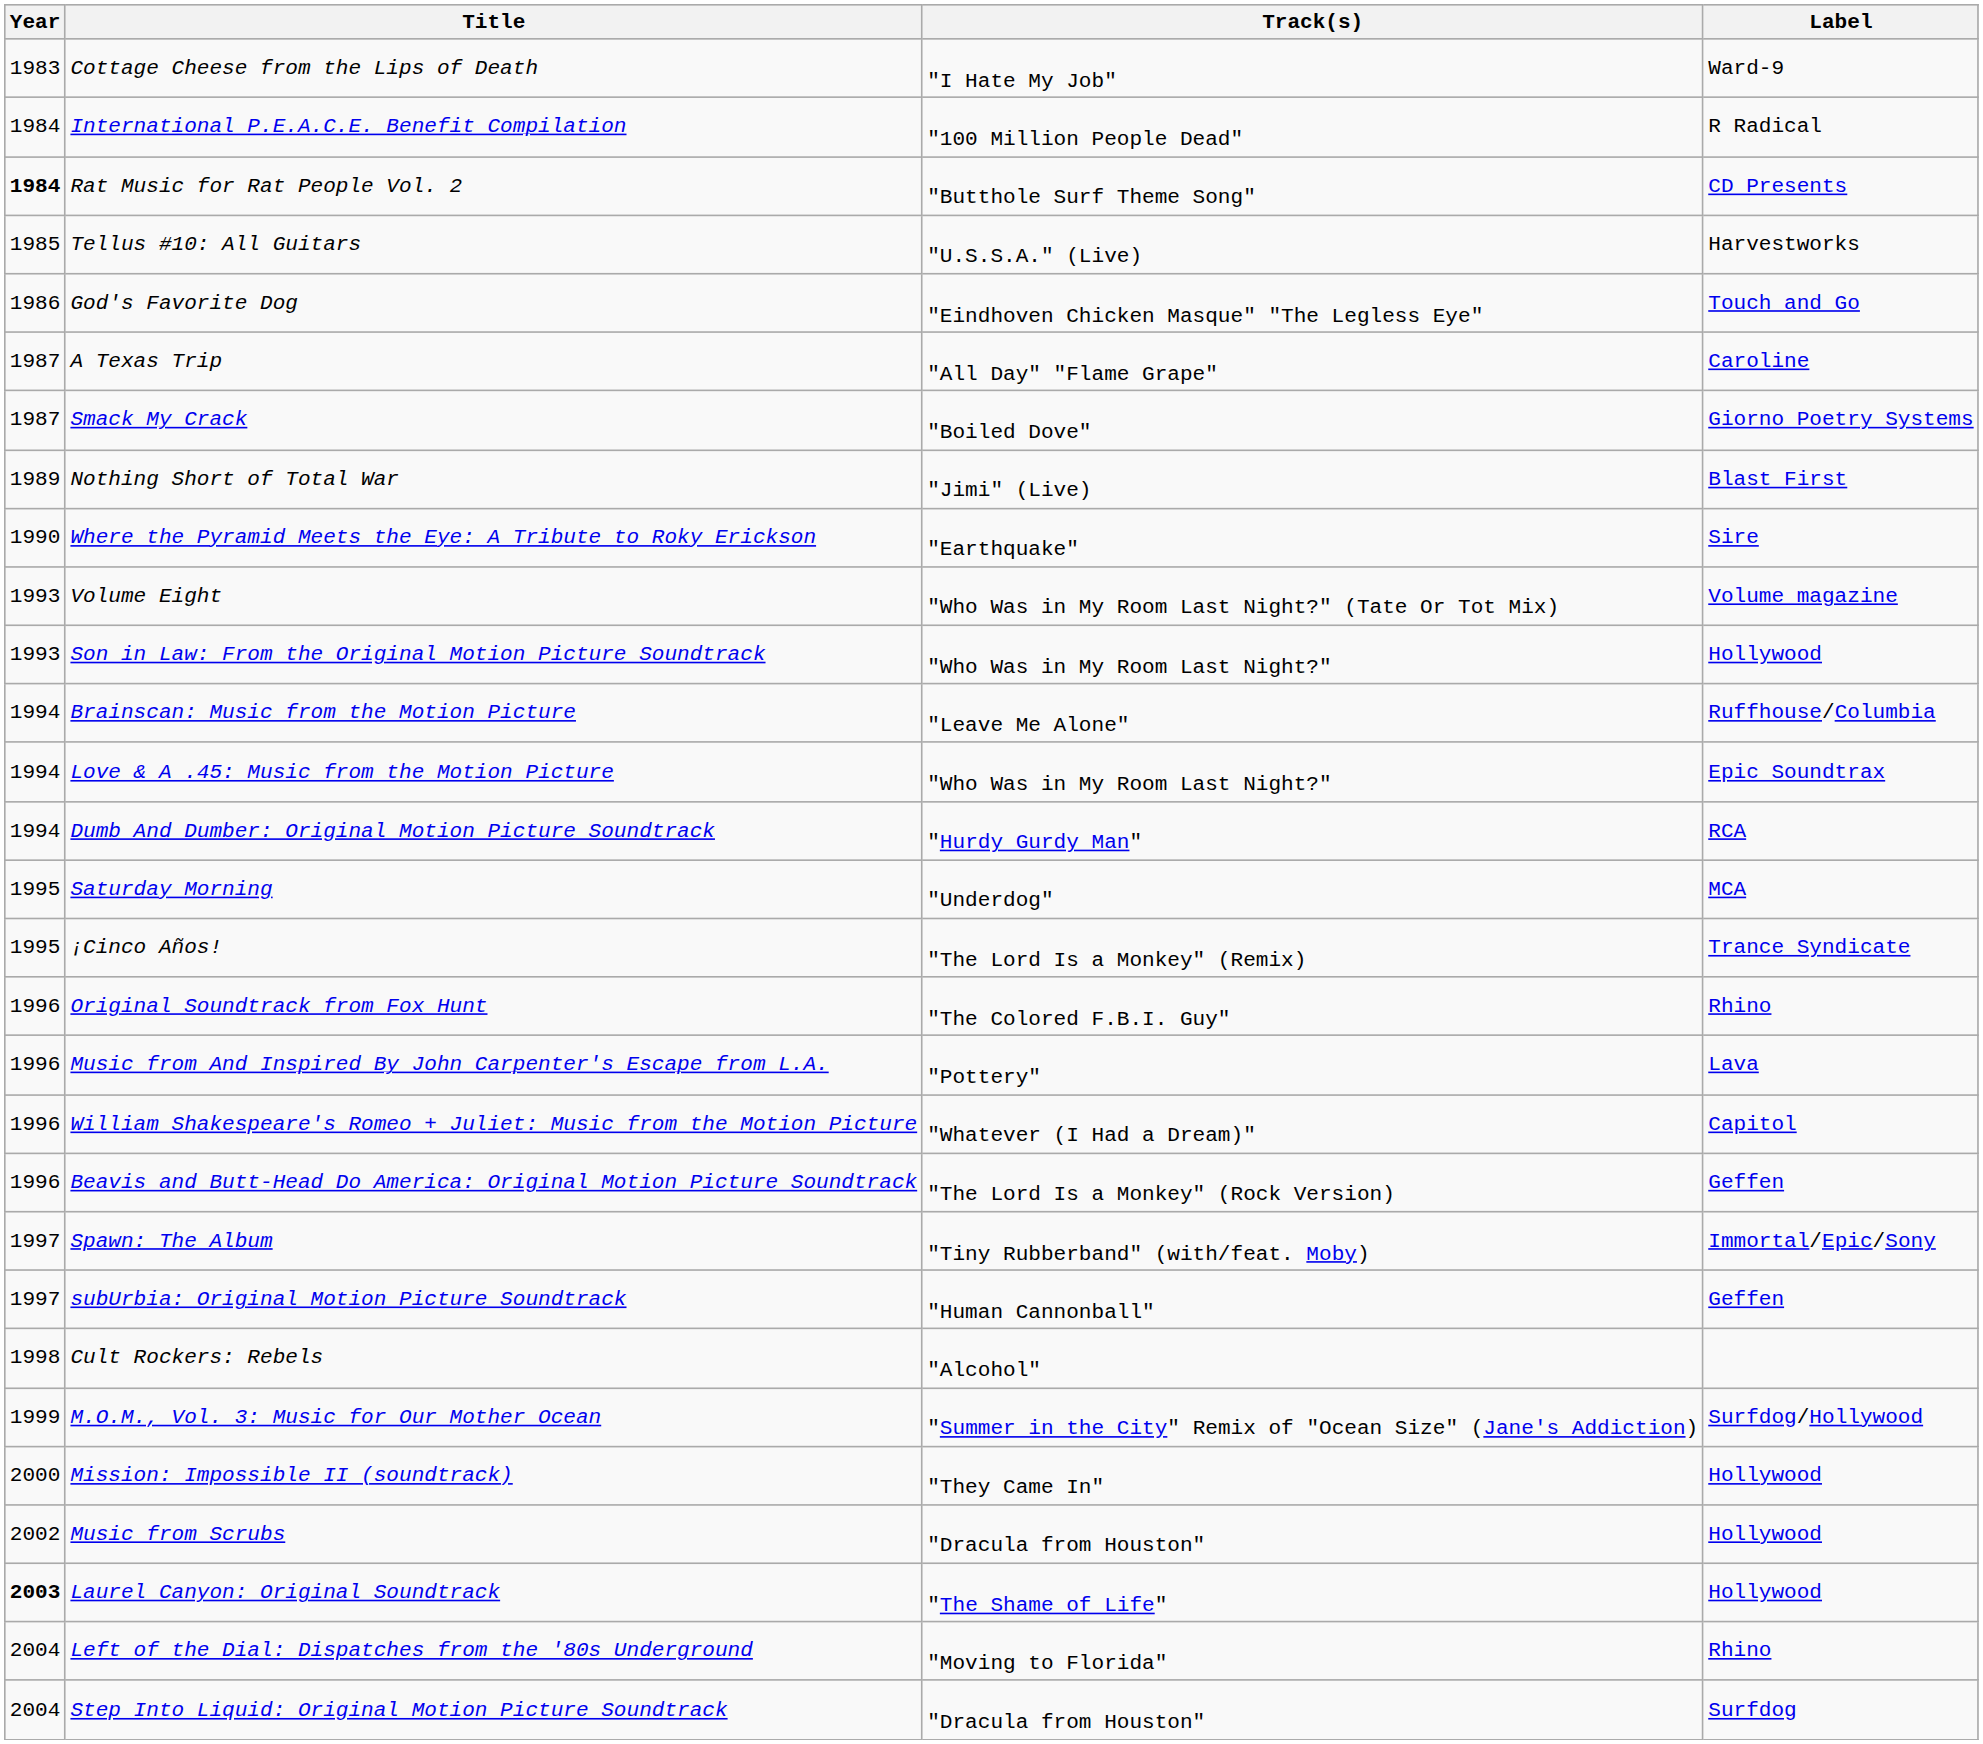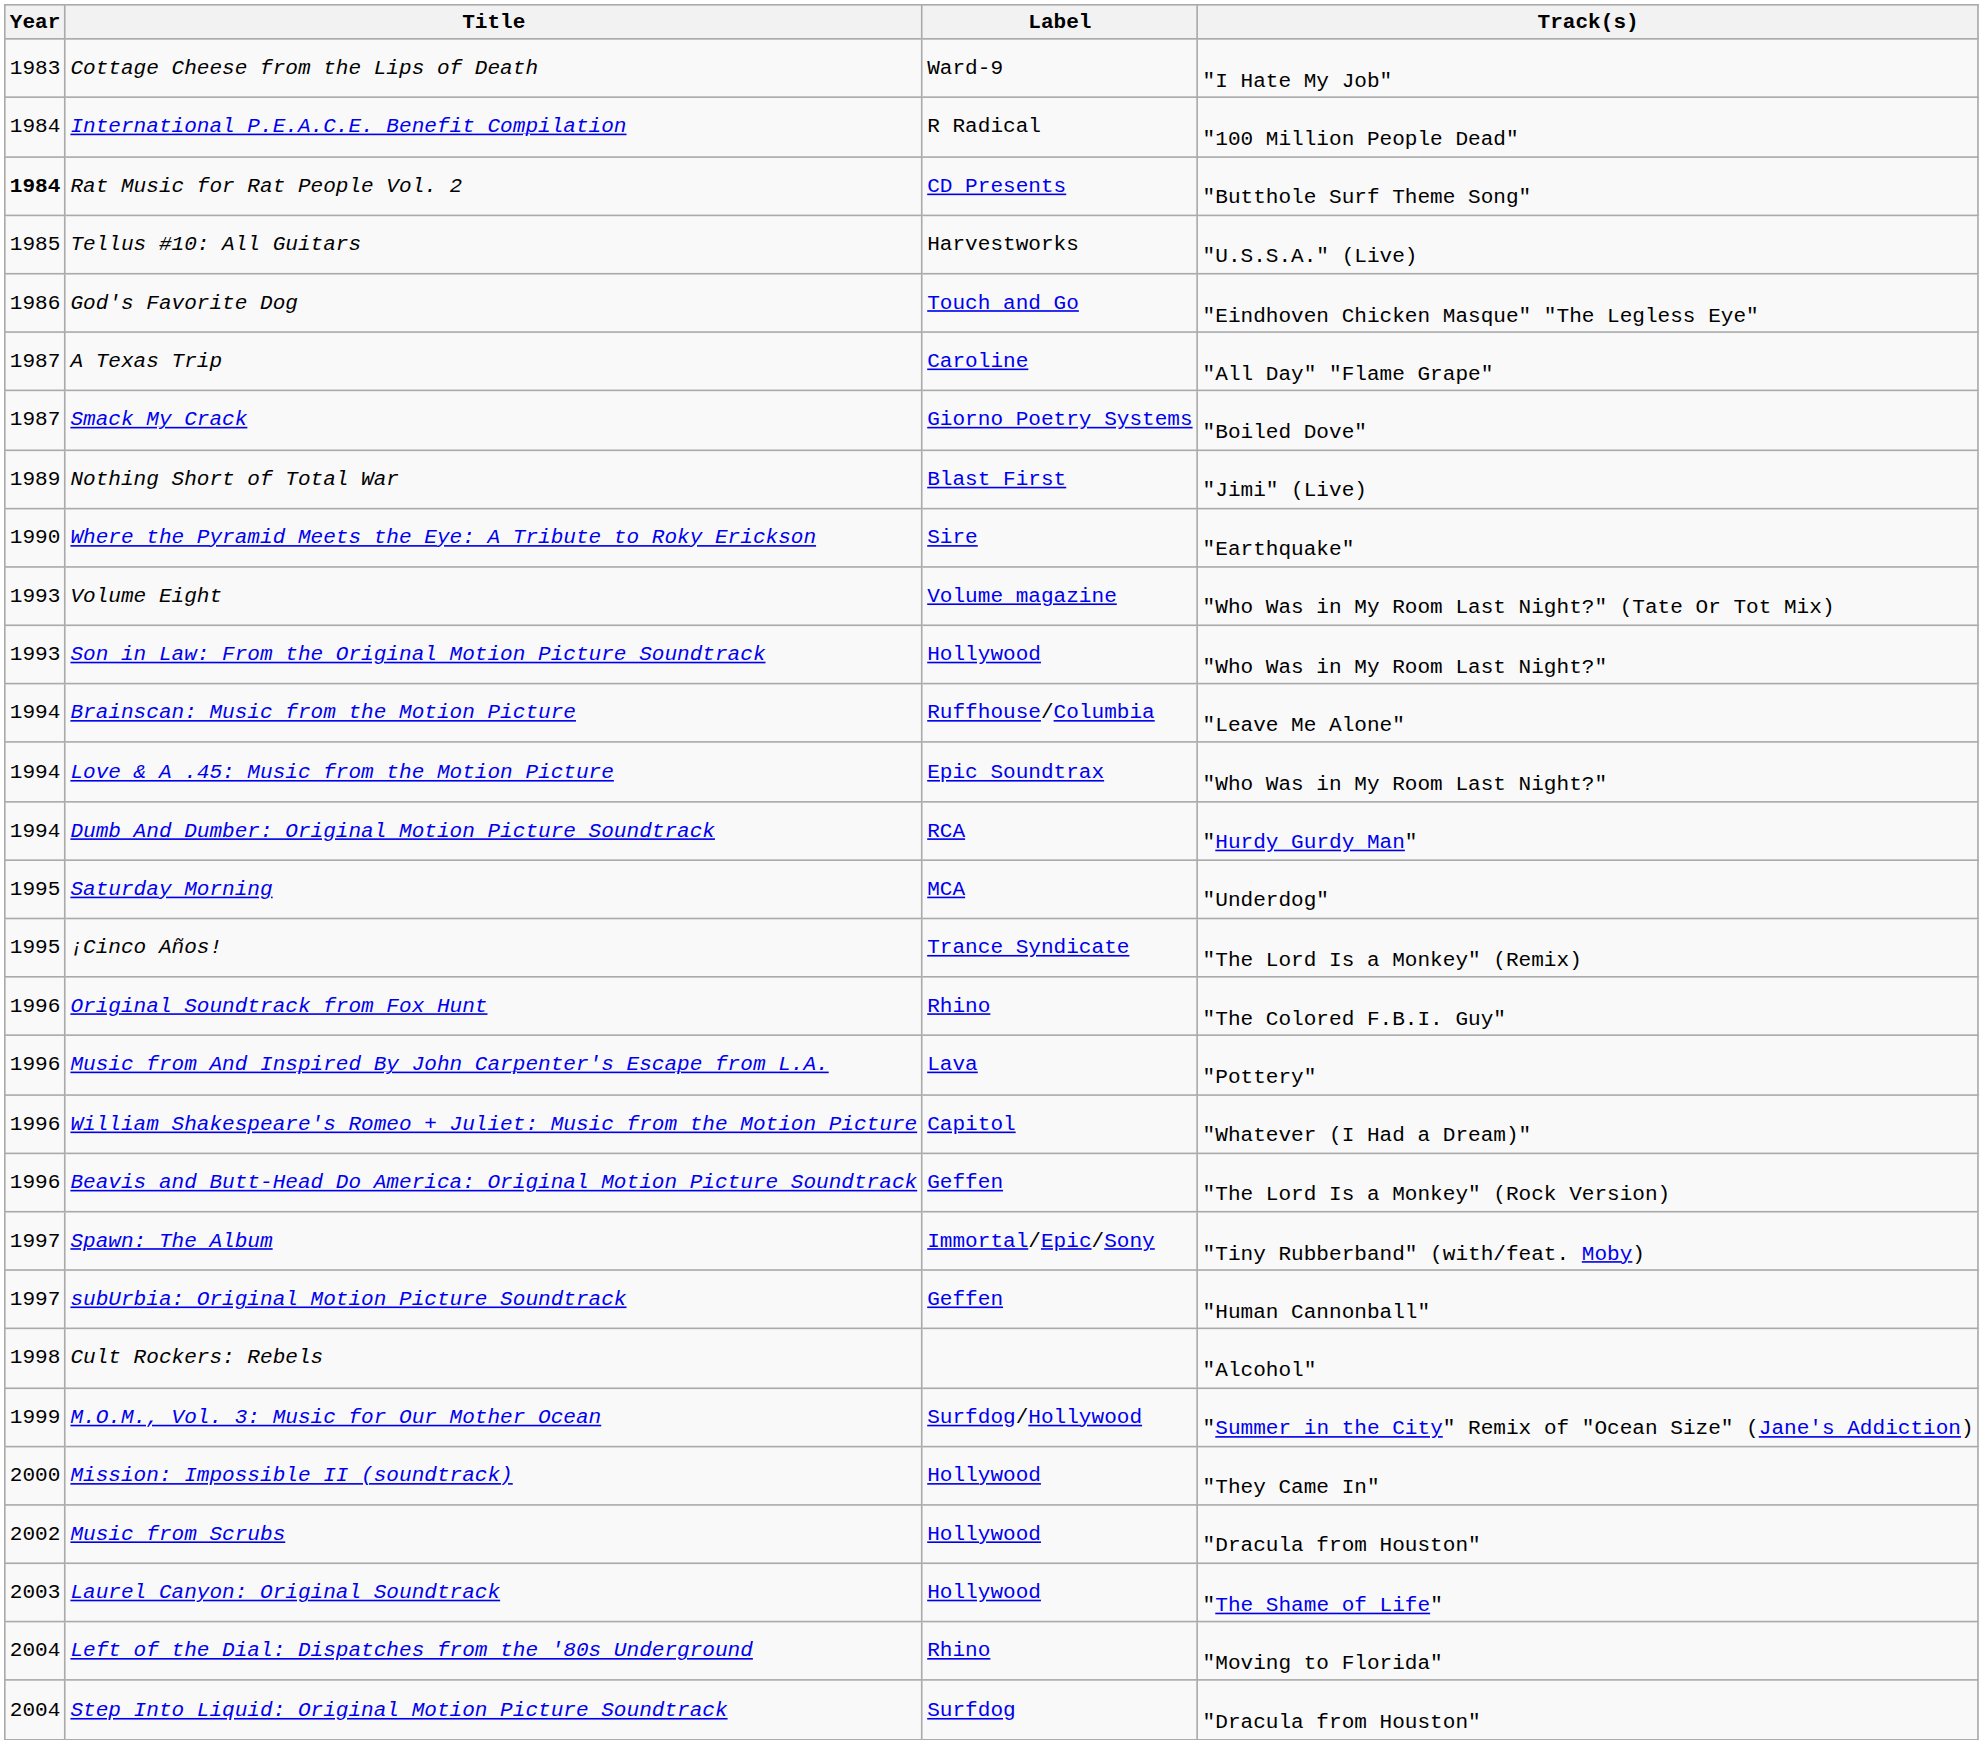 <table class="wikitable">
 <tr>
 <th align="left">Year</th>
 <th align="left">Title</th>
+<th align="left">Label</th>
 <th align="left">Track(s)</th>
-<th align="left">Label</th>
 </tr>
 <tr>
 <td>1983</td>
 <td><em>Cottage Cheese from the Lips of Death</em></td>
+<td>Ward-9</td>
 <td><br>"I Hate My Job"</td>
-<td>Ward-9</td>
 </tr>
 <tr>
 <td>1984</td>
 <td><em><a href='#'>International P.E.A.C.E. Benefit Compilation</a></em></td>
+<td>R Radical</td>
 <td><br>"100 Million People Dead"</td>
-<td>R Radical</td>
 </tr>
 <tr>
 <td><strong>1984</strong></td>
 <td><em>Rat Music for Rat People Vol. 2</em></td>
+<td><a href='#'>CD Presents</a></td>
 <td><br>"Butthole Surf Theme Song"</td>
-<td><a href='#'>CD Presents</a></td>
 </tr>
 <tr>
 <td>1985</td>
 <td><em>Tellus #10: All Guitars</em></td>
+<td>Harvestworks</td>
 <td><br>"U.S.S.A." (Live)</td>
-<td>Harvestworks</td>
 </tr>
 <tr>
 <td>1986</td>
 <td><em>God's Favorite Dog</em></td>
+<td><a href='#'>Touch and Go</a></td>
 <td><br>"Eindhoven Chicken Masque" "The Legless Eye"</td>
-<td><a href='#'>Touch and Go</a></td>
 </tr>
 <tr>
 <td>1987</td>
 <td><em>A Texas Trip</em></td>
+<td><a href='#'>Caroline</a></td>
 <td><br>"All Day" "Flame Grape"</td>
-<td><a href='#'>Caroline</a></td>
 </tr>
 <tr>
 <td>1987</td>
 <td><em><a href='#'>Smack My Crack</a></em></td>
+<td><a href='#'>Giorno Poetry Systems</a></td>
 <td><br>"Boiled Dove"</td>
-<td><a href='#'>Giorno Poetry Systems</a></td>
 </tr>
 <tr>
 <td>1989</td>
 <td><em>Nothing Short of Total War</em></td>
+<td><a href='#'>Blast First</a></td>
 <td><br>"Jimi" (Live)</td>
-<td><a href='#'>Blast First</a></td>
 </tr>
 <tr>
 <td>1990</td>
 <td><em><a href='#'>Where the Pyramid Meets the Eye: A Tribute to Roky Erickson</a></em></td>
+<td><a href='#'>Sire</a></td>
 <td><br>"Earthquake"</td>
-<td><a href='#'>Sire</a></td>
 </tr>
 <tr>
 <td>1993</td>
 <td><em>Volume Eight</em></td>
+<td><a href='#'>Volume magazine</a></td>
 <td><br>"Who Was in My Room Last Night?" (Tate Or Tot Mix)</td>
-<td><a href='#'>Volume magazine</a></td>
 </tr>
 <tr>
 <td>1993</td>
 <td><em><a href='#'>Son in Law: From the Original Motion Picture Soundtrack</a></em></td>
+<td><a href='#'>Hollywood</a></td>
 <td><br>"Who Was in My Room Last Night?"</td>
-<td><a href='#'>Hollywood</a></td>
 </tr>
 <tr>
 <td>1994</td>
 <td><em><a href='#'>Brainscan: Music from the Motion Picture</a></em></td>
+<td><a href='#'>Ruffhouse</a>/<a href='#'>Columbia</a></td>
 <td><br>"Leave Me Alone"</td>
-<td><a href='#'>Ruffhouse</a>/<a href='#'>Columbia</a></td>
 </tr>
 <tr>
 <td>1994</td>
 <td><em><a href='#'>Love & A .45: Music from the Motion Picture</a></em></td>
+<td><a href='#'>Epic Soundtrax</a></td>
 <td><br>"Who Was in My Room Last Night?"</td>
-<td><a href='#'>Epic Soundtrax</a></td>
 </tr>
 <tr>
 <td>1994</td>
 <td><em><a href='#'>Dumb And Dumber: Original Motion Picture Soundtrack</a></em></td>
+<td><a href='#'>RCA</a></td>
 <td><br>"<a href='#'>Hurdy Gurdy Man</a>"</td>
-<td><a href='#'>RCA</a></td>
 </tr>
 <tr>
 <td>1995</td>
 <td><em><a href='#'>Saturday Morning</a></em></td>
+<td><a href='#'>MCA</a></td>
 <td><br>"Underdog"</td>
-<td><a href='#'>MCA</a></td>
 </tr>
 <tr>
 <td>1995</td>
 <td><em>¡Cinco Años!</em></td>
+<td><a href='#'>Trance Syndicate</a></td>
 <td><br>"The Lord Is a Monkey" (Remix)</td>
-<td><a href='#'>Trance Syndicate</a></td>
 </tr>
 <tr>
 <td>1996</td>
 <td><em><a href='#'>Original Soundtrack from Fox Hunt</a></em></td>
+<td><a href='#'>Rhino</a></td>
 <td><br>"The Colored F.B.I. Guy"</td>
-<td><a href='#'>Rhino</a></td>
 </tr>
 <tr>
 <td>1996</td>
 <td><em><a href='#'>Music from And Inspired By John Carpenter's Escape from L.A.</a></em></td>
+<td><a href='#'>Lava</a></td>
 <td><br>"Pottery"</td>
-<td><a href='#'>Lava</a></td>
 </tr>
 <tr>
 <td>1996</td>
 <td><em><a href='#'>William Shakespeare's Romeo + Juliet: Music from the Motion Picture</a></em></td>
+<td><a href='#'>Capitol</a></td>
 <td><br>"Whatever (I Had a Dream)"</td>
-<td><a href='#'>Capitol</a></td>
 </tr>
 <tr>
 <td>1996</td>
 <td><em><a href='#'>Beavis and Butt-Head Do America: Original Motion Picture Soundtrack</a></em></td>
+<td><a href='#'>Geffen</a></td>
 <td><br>"The Lord Is a Monkey" (Rock Version)</td>
-<td><a href='#'>Geffen</a></td>
 </tr>
 <tr>
 <td>1997</td>
 <td><em><a href='#'>Spawn: The Album</a></em></td>
+<td><a href='#'>Immortal</a>/<a href='#'>Epic</a>/<a href='#'>Sony</a></td>
 <td><br>"Tiny Rubberband" (with/feat. <a href='#'>Moby</a>)</td>
-<td><a href='#'>Immortal</a>/<a href='#'>Epic</a>/<a href='#'>Sony</a></td>
 </tr>
 <tr>
 <td>1997</td>
 <td><em><a href='#'>subUrbia: Original Motion Picture Soundtrack</a></em></td>
+<td><a href='#'>Geffen</a></td>
 <td><br>"Human Cannonball"</td>
-<td><a href='#'>Geffen</a></td>
 </tr>
 <tr>
 <td>1998</td>
 <td><em>Cult Rockers: Rebels</em></td>
+<td></td>
 <td><br>"Alcohol"</td>
-<td></td>
 </tr>
 <tr>
 <td>1999</td>
 <td><em><a href='#'>M.O.M., Vol. 3: Music for Our Mother Ocean</a></em></td>
+<td><a href='#'>Surfdog</a>/<a href='#'>Hollywood</a></td>
 <td><br>"<a href='#'>Summer in the City</a>" Remix of "Ocean Size" (<a href='#'>Jane's Addiction</a>)</td>
-<td><a href='#'>Surfdog</a>/<a href='#'>Hollywood</a></td>
 </tr>
 <tr>
 <td>2000</td>
 <td><em><a href='#'>Mission: Impossible II (soundtrack)</a></em></td>
+<td><a href='#'>Hollywood</a></td>
 <td><br>"They Came In"</td>
-<td><a href='#'>Hollywood</a></td>
 </tr>
 <tr>
 <td>2002</td>
 <td><em><a href='#'>Music from Scrubs</a></em></td>
+<td><a href='#'>Hollywood</a></td>
 <td><br>"Dracula from Houston"</td>
-<td><a href='#'>Hollywood</a></td>
 </tr>
 <tr>
-<td><strong>2003</strong></td>
+<td>2003</td>
 <td><em><a href='#'>Laurel Canyon: Original Soundtrack</a></em></td>
+<td><a href='#'>Hollywood</a></td>
 <td><br>"<a href='#'>The Shame of Life</a>"</td>
-<td><a href='#'>Hollywood</a></td>
 </tr>
 <tr>
 <td>2004</td>
 <td><em><a href='#'>Left of the Dial: Dispatches from the '80s Underground</a></em></td>
+<td><a href='#'>Rhino</a></td>
 <td><br>"Moving to Florida"</td>
-<td><a href='#'>Rhino</a></td>
 </tr>
 <tr>
 <td>2004</td>
 <td><em><a href='#'>Step Into Liquid: Original Motion Picture Soundtrack</a></em></td>
+<td><a href='#'>Surfdog</a></td>
 <td><br>"Dracula from Houston"</td>
-<td><a href='#'>Surfdog</a></td>
 </tr>
 </table>
